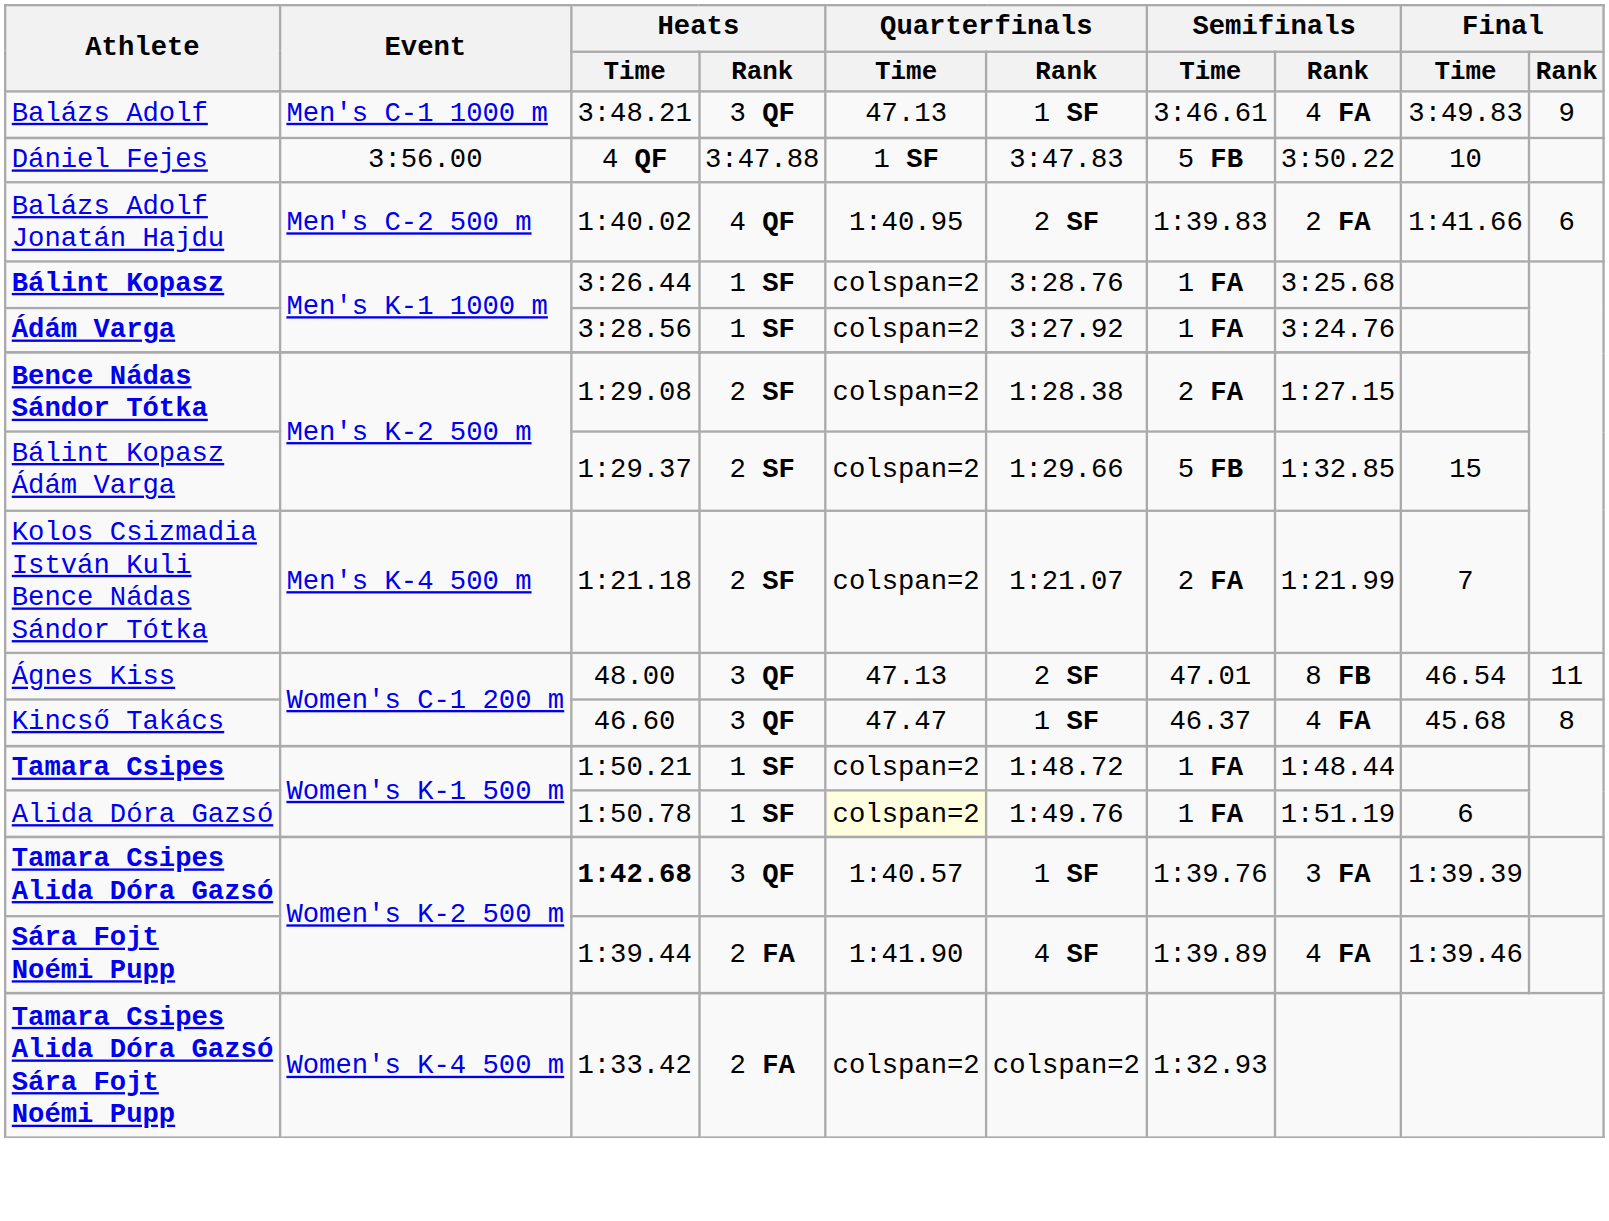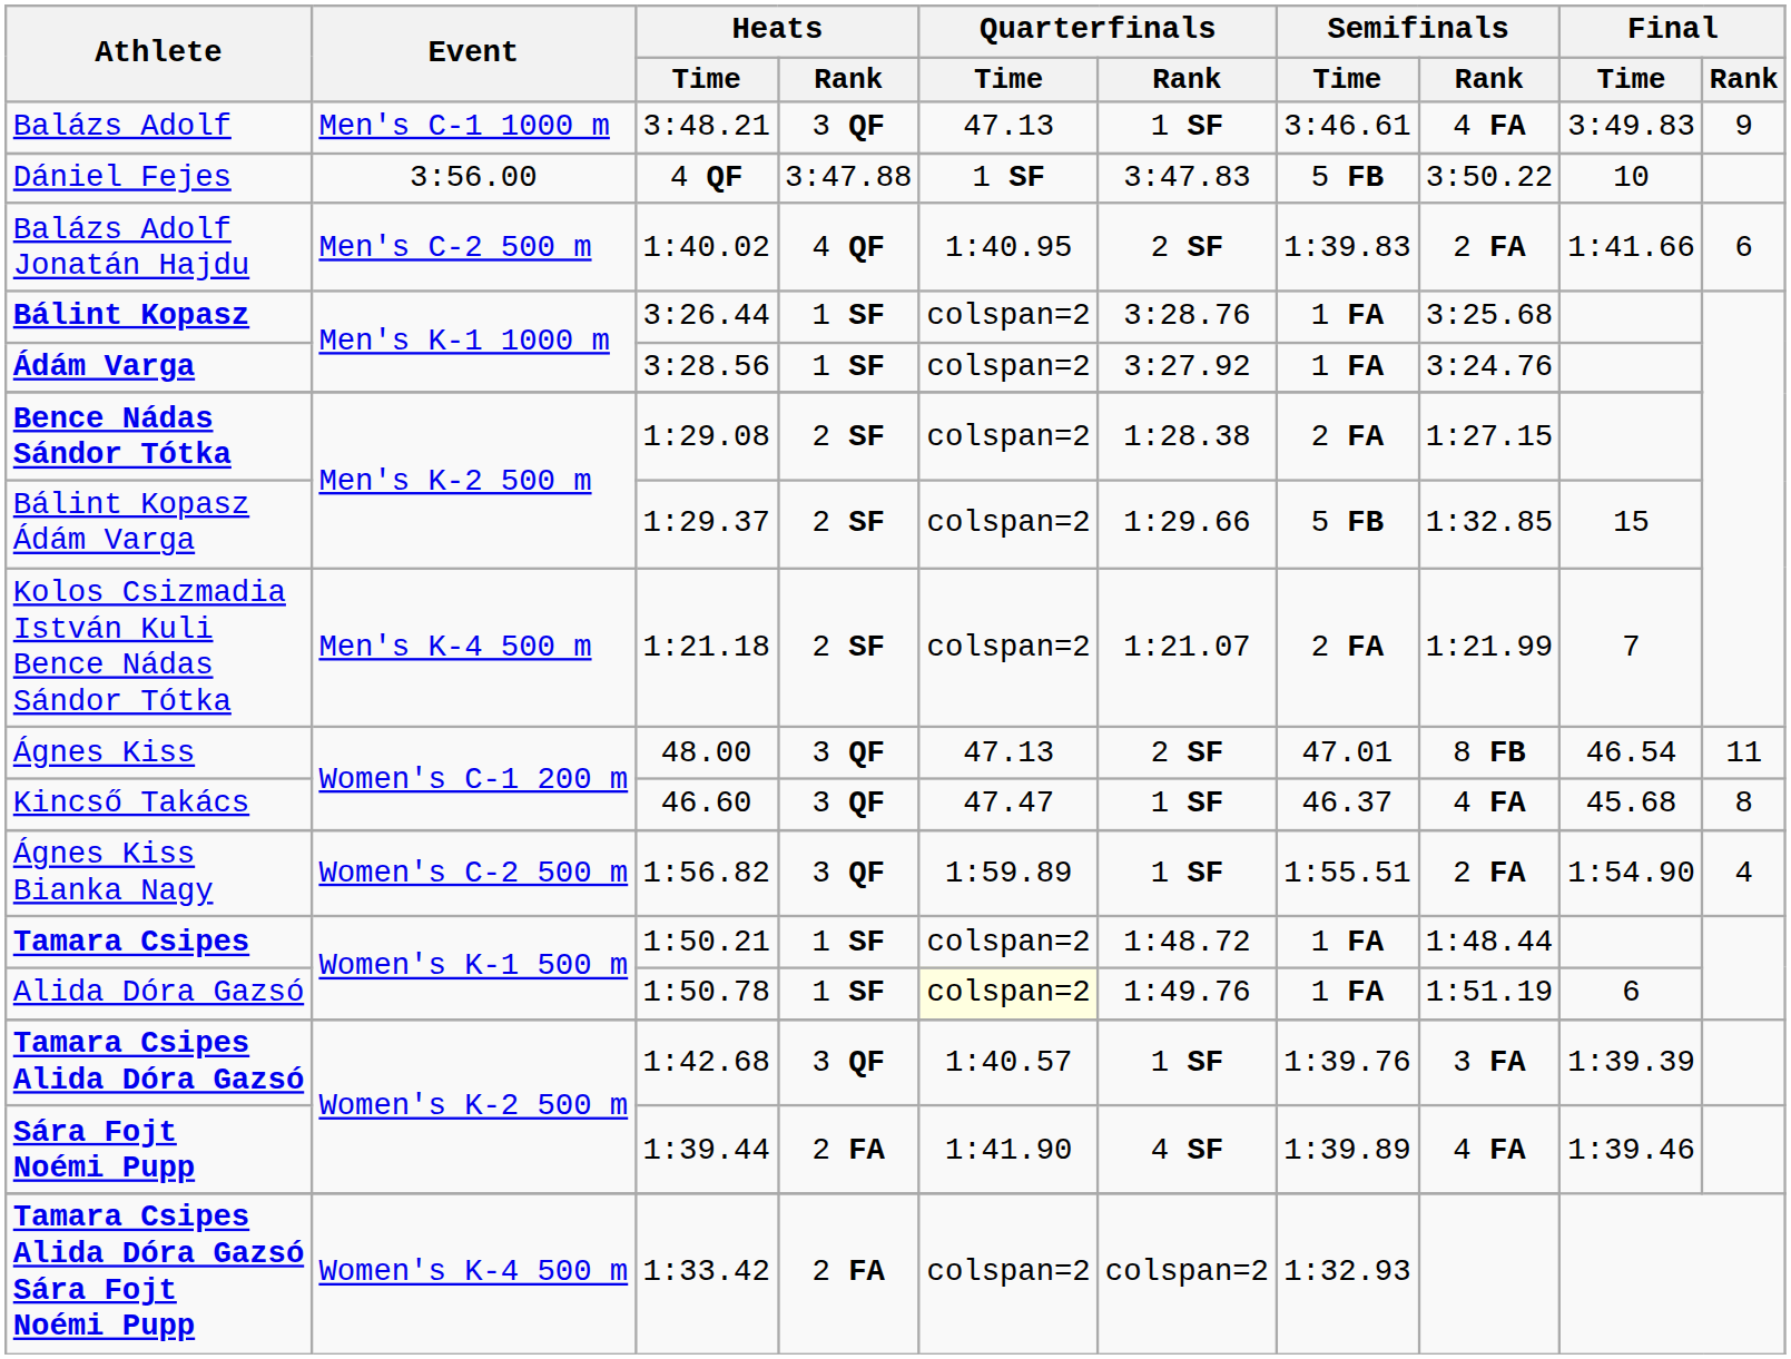 <table class=wikitable style="font-size:90%">
 <tr>
 <th rowspan="2">Athlete</th>
 <th rowspan="2">Event</th>
 <th colspan=2>Heats</th>
 <th colspan=2>Quarterfinals</th>
 <th colspan=2>Semifinals</th>
 <th colspan=2>Final</th>
 </tr>
 <tr style="font-size:95%">
 <th>Time</th>
 <th>Rank</th>
 <th>Time</th>
 <th>Rank</th>
 <th>Time</th>
 <th>Rank</th>
 <th>Time</th>
 <th>Rank</th>
 </tr>
 <tr align=center>
 <td align=left><a href='#'>Balázs Adolf</a></td>
 <td align=left rowspan=2><a href='#'>Men's C-1 1000 m</a></td>
 <td>3:48.21</td>
 <td>3 <strong>QF</strong></td>
 <td>47.13</td>
 <td>1 <strong>SF</strong></td>
 <td>3:46.61</td>
 <td>4 <strong>FA</strong></td>
 <td>3:49.83</td>
 <td>9</td>
 </tr>
 <tr>
 </tr>
 <tr align=center>
 <td align=left><a href='#'>Dániel Fejes</a></td>
 <td>3:56.00</td>
 <td>4 <strong>QF</strong></td>
 <td>3:47.88</td>
 <td>1 <strong>SF</strong></td>
 <td>3:47.83</td>
 <td>5 <strong>FB</strong></td>
 <td>3:50.22</td>
 <td>10</td>
 </tr>
 <tr align=center>
 <td align=left><a href='#'>Balázs Adolf</a><br><a href='#'>Jonatán Hajdu</a></td>
 <td align=left><a href='#'>Men's C-2 500 m</a></td>
 <td>1:40.02</td>
 <td>4 <strong>QF</strong></td>
 <td>1:40.95</td>
 <td>2 <strong>SF</strong></td>
 <td>1:39.83</td>
 <td>2 <strong>FA</strong></td>
 <td>1:41.66</td>
 <td>6</td>
 </tr>
 <tr align=center>
 <td align=left><strong><a href='#'>Bálint Kopasz</a></strong></td>
 <td align=left rowspan=2><a href='#'>Men's K-1 1000 m</a></td>
 <td>3:26.44</td>
 <td>1 <strong>SF</strong></td>
 <td>colspan=2 </td>
 <td>3:28.76</td>
 <td>1 <strong>FA</strong></td>
 <td>3:25.68</td>
 <td></td>
 </tr>
 <tr align=center>
 <td align=left><strong><a href='#'>Ádám Varga</a></strong></td>
 <td>3:28.56</td>
 <td>1 <strong>SF</strong></td>
 <td>colspan=2 </td>
 <td>3:27.92</td>
 <td>1 <strong>FA</strong></td>
 <td>3:24.76</td>
 <td></td>
 </tr>
 <tr>
 </tr>
 <tr align=center>
 <td align=left><strong><a href='#'>Bence Nádas</a><br><a href='#'>Sándor Tótka</a></strong></td>
 <td align=left rowspan=2><a href='#'>Men's K-2 500 m</a></td>
 <td>1:29.08</td>
 <td>2 <strong>SF</strong></td>
 <td>colspan=2 </td>
 <td>1:28.38</td>
 <td>2 <strong>FA</strong></td>
 <td>1:27.15</td>
 <td></td>
 </tr>
 <tr align=center>
 <td align=left><a href='#'>Bálint Kopasz</a><br><a href='#'>Ádám Varga</a></td>
 <td>1:29.37</td>
 <td>2 <strong>SF</strong></td>
 <td>colspan=2 </td>
 <td>1:29.66</td>
 <td>5 <strong>FB</strong></td>
 <td>1:32.85</td>
 <td>15</td>
 </tr>
 <tr align=center>
 <td align=left><a href='#'>Kolos Csizmadia</a><br><a href='#'>István Kuli</a><br><a href='#'>Bence Nádas</a><br><a href='#'>Sándor Tótka</a></td>
 <td align=left><a href='#'>Men's K-4 500 m</a></td>
 <td>1:21.18</td>
 <td>2 <strong>SF</strong></td>
 <td>colspan=2 </td>
 <td>1:21.07</td>
 <td>2 <strong>FA</strong></td>
 <td>1:21.99</td>
 <td>7</td>
 </tr>
 <tr align=center>
 <td align=left><a href='#'>Ágnes Kiss</a></td>
 <td align=left rowspan=2><a href='#'>Women's C-1 200 m</a></td>
 <td>48.00</td>
 <td>3 <strong>QF</strong></td>
 <td>47.13</td>
 <td>2 <strong>SF</strong></td>
 <td>47.01</td>
 <td>8 <strong>FB</strong></td>
 <td>46.54</td>
 <td>11</td>
 </tr>
 <tr align=center>
 <td align=left><a href='#'>Kincső Takács</a></td>
 <td>46.60</td>
 <td>3 <strong>QF</strong></td>
 <td>47.47</td>
 <td>1 <strong>SF</strong></td>
 <td>46.37</td>
 <td>4 <strong>FA</strong></td>
 <td>45.68</td>
 <td>8</td>
 </tr>
 <tr>
 </tr>
 <tr align=center>
+<td align=left><a href='#'>Ágnes Kiss</a><br><a href='#'>Bianka Nagy</a></td>
+<td align=left><a href='#'>Women's C-2 500 m</a></td>
+<td>1:56.82</td>
+<td>3 <strong>QF</strong></td>
+<td>1:59.89</td>
+<td>1 <strong>SF</strong></td>
+<td>1:55.51</td>
+<td>2 <strong>FA</strong></td>
+<td>1:54.90</td>
+<td>4</td>
+</tr>
+<tr align=center>
 <td align=left><strong><a href='#'>Tamara Csipes</a></strong></td>
 <td align=left rowspan=2><a href='#'>Women's K-1 500 m</a></td>
 <td>1:50.21</td>
 <td>1 <strong>SF</strong></td>
 <td>colspan=2 </td>
 <td>1:48.72</td>
 <td>1 <strong>FA</strong></td>
 <td>1:48.44</td>
 <td></td>
 </tr>
 <tr align=center>
 <td align=left><a href='#'>Alida Dóra Gazsó</a></td>
 <td>1:50.78</td>
 <td>1 <strong>SF</strong></td>
 <td style="background: lightyellow;">colspan=2 </td>
 <td>1:49.76</td>
 <td>1 <strong>FA</strong></td>
 <td>1:51.19</td>
 <td>6</td>
 </tr>
 <tr>
 </tr>
 <tr align=center>
 <td align=left><strong><a href='#'>Tamara Csipes</a><br><a href='#'>Alida Dóra Gazsó</a></strong></td>
 <td align=left rowspan=2><a href='#'>Women's K-2 500 m</a></td>
-<td><strong>1:42.68</strong></td>
+<td>1:42.68</td>
 <td>3 <strong>QF</strong></td>
 <td>1:40.57</td>
 <td>1 <strong>SF</strong></td>
 <td>1:39.76</td>
 <td>3 <strong>FA</strong></td>
 <td>1:39.39</td>
 <td></td>
 </tr>
 <tr align=center>
 <td align=left><strong><a href='#'>Sára Fojt</a><br><a href='#'>Noémi Pupp</a></strong></td>
 <td>1:39.44</td>
 <td>2 <strong>FA</strong></td>
 <td>1:41.90</td>
 <td>4 <strong>SF</strong></td>
 <td>1:39.89</td>
 <td>4 <strong>FA</strong></td>
 <td>1:39.46</td>
 <td></td>
 </tr>
 <tr>
 </tr>
 <tr align=center>
 <td align=left><strong><a href='#'>Tamara Csipes</a><br><a href='#'>Alida Dóra Gazsó</a><br><a href='#'>Sára Fojt</a><br><a href='#'>Noémi Pupp</a></strong></td>
 <td align=left><a href='#'>Women's K-4 500 m</a></td>
 <td>1:33.42</td>
 <td>2 <strong>FA</strong></td>
 <td>colspan=2 </td>
 <td>colspan=2 </td>
 <td>1:32.93</td>
 <td></td>
 </tr>
 </table>
